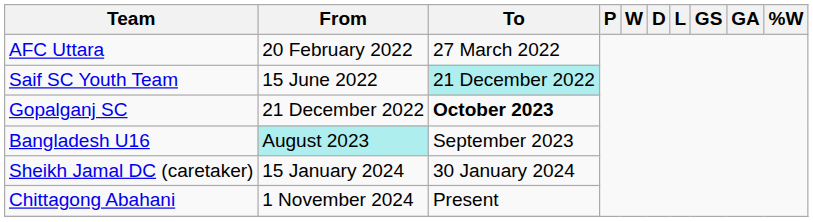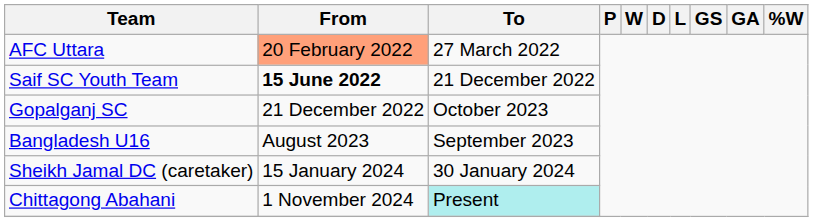 <table class="wikitable sortable" style="text-align: center">
 <tr>
 <th>Team</th>
 <th class="unsortable">From</th>
 <th class="unsortable">To</th>
 <th abbr="1">P</th>
 <th abbr="1">W</th>
 <th abbr="0">D</th>
 <th abbr="1">L</th>
 <th abbr="2">GS</th>
 <th abbr="4">GA</th>
 <th abbr="50">%W</th>
 </tr>
 <tr>
 <td align=left><a href='#'>AFC Uttara</a></td>
-<td align=left>20 February 2022</td>
+<td align=left style="background: lightsalmon;">20 February 2022</td>
 <td align=left>27 March 2022<br></td>
 </tr>
 <tr>
 <td align=left><a href='#'>Saif SC Youth Team</a></td>
-<td align=left>15 June 2022</td>
-<td align=left style="background: paleturquoise;">21 December 2022<br></td>
+<td align=left><strong>15 June 2022</strong></td>
+<td align=left>21 December 2022<br></td>
 </tr>
 <tr>
 <td align=left><a href='#'>Gopalganj SC</a></td>
 <td align=left>21 December 2022</td>
-<td align=left><strong>October 2023<br></strong></td>
+<td align=left>October 2023<br></td>
 </tr>
 <tr>
 <td align=left><a href='#'>Bangladesh U16</a></td>
-<td align=left style="background: paleturquoise;">August 2023</td>
+<td align=left>August 2023</td>
 <td align=left>September 2023<br></td>
 </tr>
 <tr>
 <td align=left><a href='#'>Sheikh Jamal DC</a> (caretaker)</td>
 <td align=left>15 January 2024</td>
 <td align=left>30 January 2024<br></td>
 </tr>
 <tr>
 <td align=left><a href='#'>Chittagong Abahani</a></td>
 <td align=left>1 November 2024</td>
-<td align=left>Present<br></td>
+<td align=left style="background: paleturquoise;">Present<br></td>
 </tr>
 <tr>
 </tr>
 </table>
